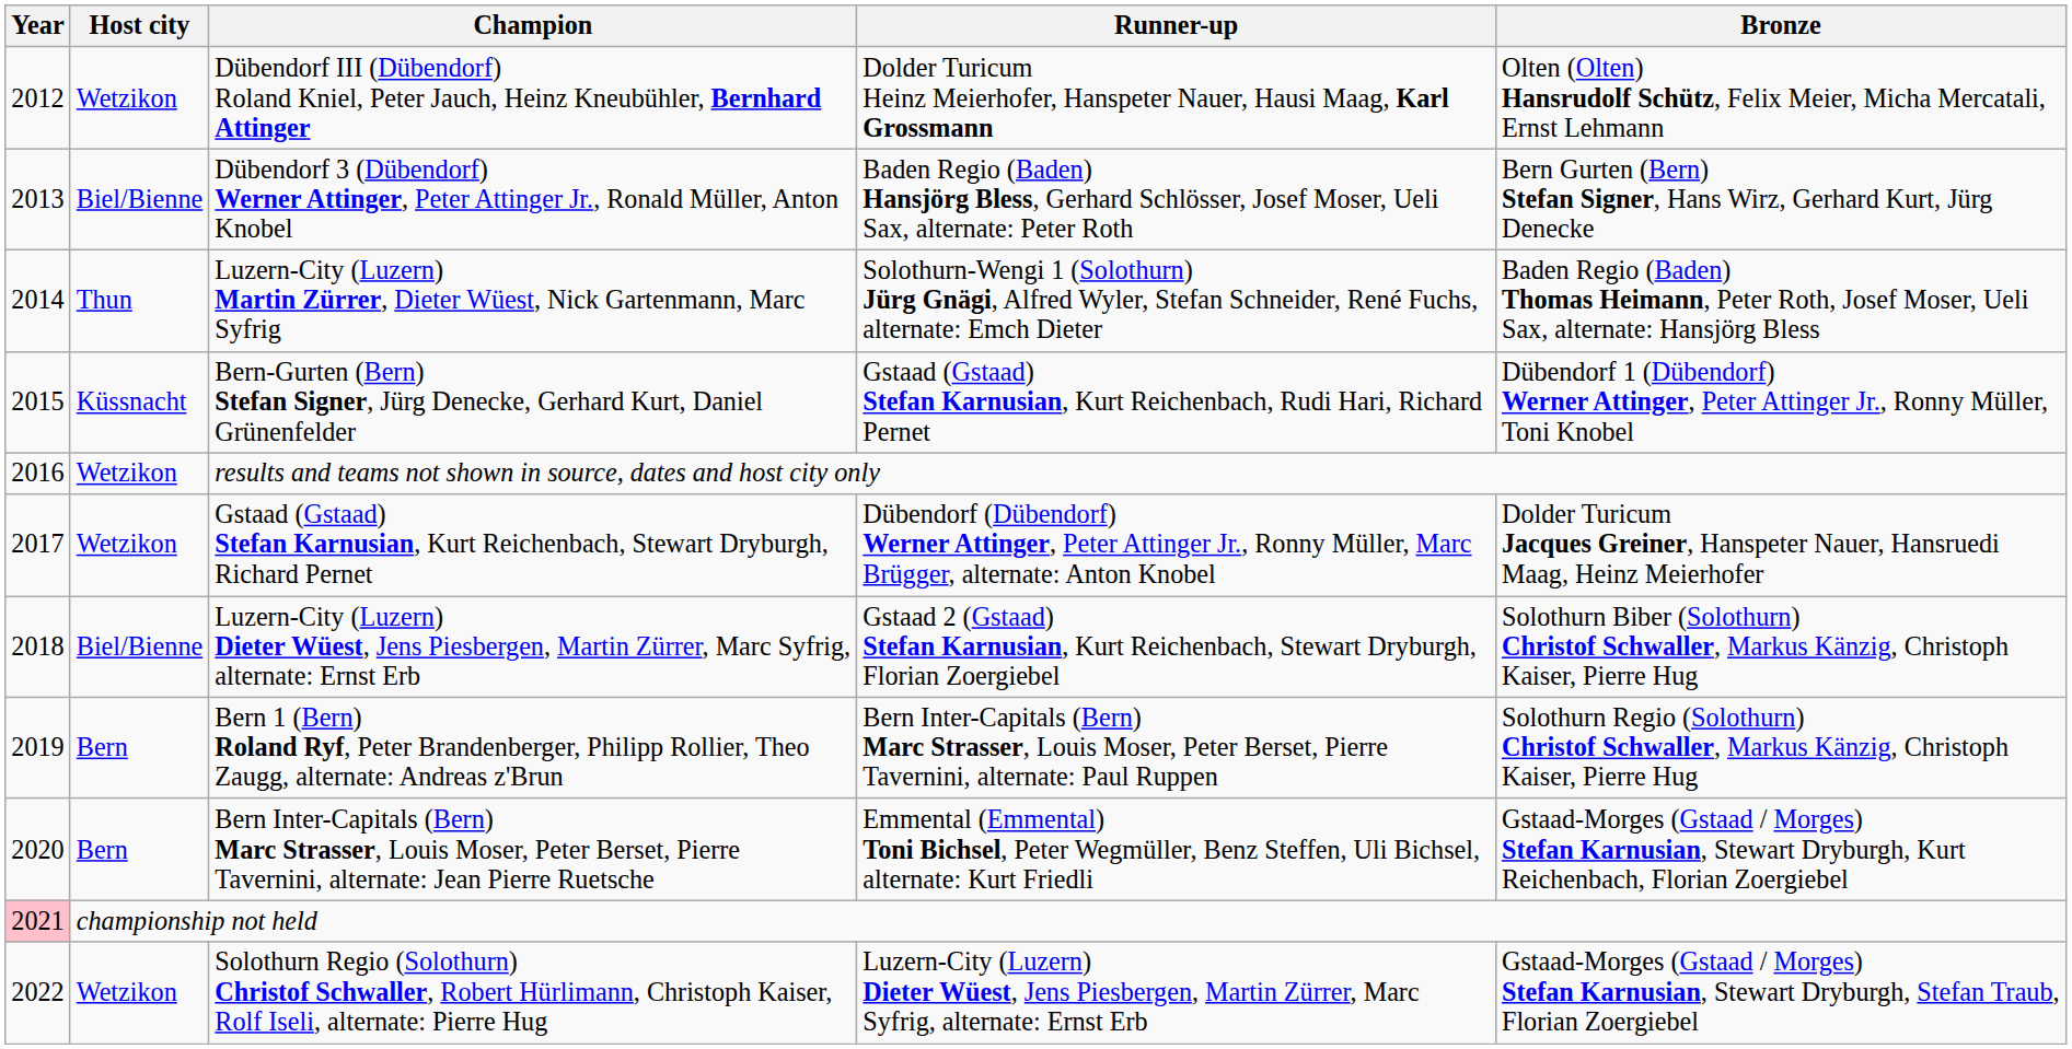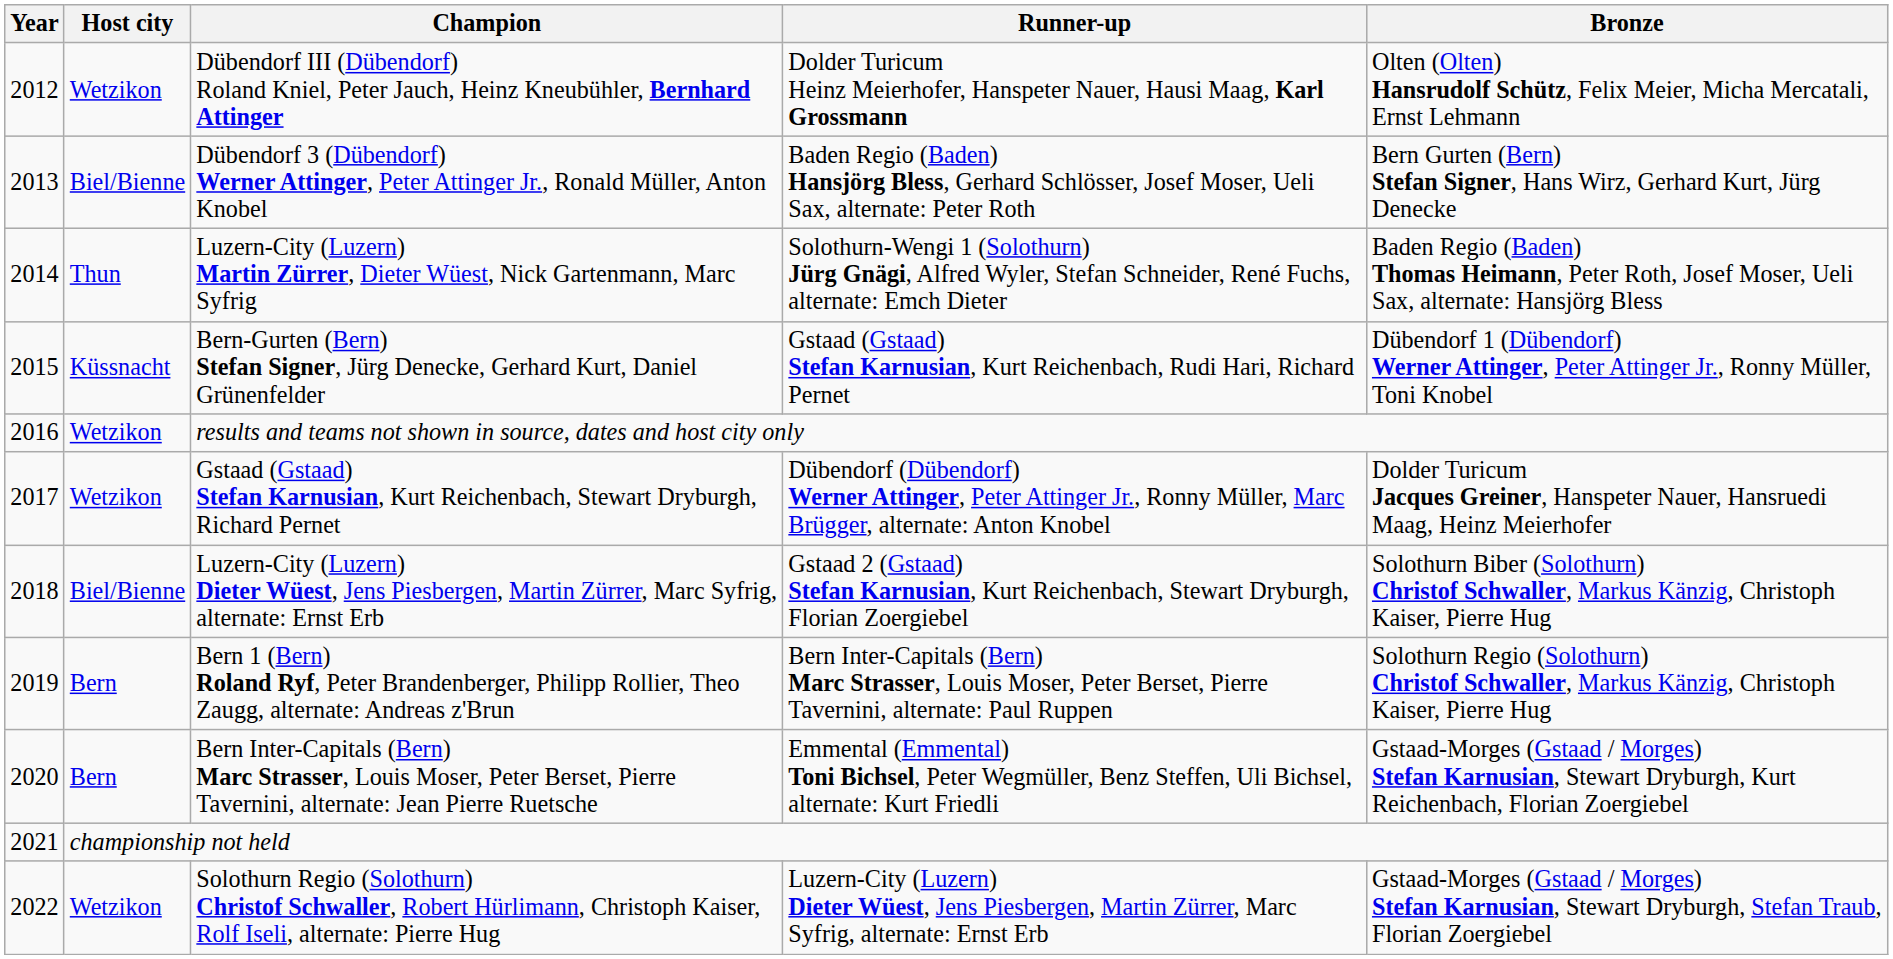 <table class="wikitable">
 <tr>
 <th scope="col">Year</th>
 <th scope="col">Host city</th>
 <th scope="col">Champion</th>
 <th scope="col">Runner-up</th>
 <th scope="col">Bronze<br></th>
 </tr>
 <tr>
 <td align=center>2012</td>
 <td><a href='#'>Wetzikon</a></td>
 <td>Dübendorf III (<a href='#'>Dübendorf</a>)<br>Roland Kniel, Peter Jauch, Heinz Kneubühler, <strong><a href='#'>Bernhard Attinger</a></strong></td>
 <td>Dolder Turicum<br>Heinz Meierhofer, Hanspeter Nauer, Hausi Maag, <strong>Karl Grossmann</strong></td>
 <td>Olten (<a href='#'>Olten</a>)<br><strong>Hansrudolf Schütz</strong>, Felix Meier, Micha Mercatali, Ernst Lehmann</td>
 </tr>
 <tr>
 <td align=center>2013</td>
 <td><a href='#'>Biel/Bienne</a></td>
 <td>Dübendorf 3 (<a href='#'>Dübendorf</a>)<br><strong><a href='#'>Werner Attinger</a></strong>, <a href='#'>Peter Attinger Jr.</a>, Ronald Müller, Anton Knobel</td>
 <td>Baden Regio (<a href='#'>Baden</a>)<br><strong>Hansjörg Bless</strong>, Gerhard Schlösser, Josef Moser, Ueli Sax, alternate: Peter Roth</td>
 <td>Bern Gurten (<a href='#'>Bern</a>)<br><strong>Stefan Signer</strong>, Hans Wirz, Gerhard Kurt, Jürg Denecke</td>
 </tr>
 <tr>
 <td align=center>2014</td>
 <td><a href='#'>Thun</a></td>
 <td>Luzern-City (<a href='#'>Luzern</a>)<br><strong><a href='#'>Martin Zürrer</a></strong>, <a href='#'>Dieter Wüest</a>, Nick Gartenmann, Marc Syfrig</td>
 <td>Solothurn-Wengi 1 (<a href='#'>Solothurn</a>)<br><strong>Jürg Gnägi</strong>, Alfred Wyler, Stefan Schneider, René Fuchs, alternate: Emch Dieter</td>
 <td>Baden Regio (<a href='#'>Baden</a>)<br><strong>Thomas Heimann</strong>, Peter Roth, Josef Moser, Ueli Sax, alternate: Hansjörg Bless</td>
 </tr>
 <tr>
 <td align=center>2015</td>
 <td><a href='#'>Küssnacht</a></td>
 <td>Bern-Gurten (<a href='#'>Bern</a>)<br><strong>Stefan Signer</strong>, Jürg Denecke, Gerhard Kurt, Daniel Grünenfelder</td>
 <td>Gstaad (<a href='#'>Gstaad</a>)<br><strong><a href='#'>Stefan Karnusian</a></strong>, Kurt Reichenbach, Rudi Hari, Richard Pernet</td>
 <td>Dübendorf 1 (<a href='#'>Dübendorf</a>)<br><strong><a href='#'>Werner Attinger</a></strong>, <a href='#'>Peter Attinger Jr.</a>, Ronny Müller, Toni Knobel</td>
 </tr>
 <tr>
 <td align=center>2016</td>
 <td><a href='#'>Wetzikon</a></td>
 <td colspan=3><em>results and teams not shown in source, dates and host city only</em></td>
 </tr>
 <tr>
 <td align=center>2017</td>
 <td><a href='#'>Wetzikon</a></td>
 <td>Gstaad (<a href='#'>Gstaad</a>)<br><strong><a href='#'>Stefan Karnusian</a></strong>, Kurt Reichenbach, Stewart Dryburgh, Richard Pernet</td>
 <td>Dübendorf (<a href='#'>Dübendorf</a>)<br><strong><a href='#'>Werner Attinger</a></strong>, <a href='#'>Peter Attinger Jr.</a>, Ronny Müller, <a href='#'>Marc Brügger</a>, alternate: Anton Knobel</td>
 <td>Dolder Turicum<br><strong>Jacques Greiner</strong>, Hanspeter Nauer, Hansruedi Maag, Heinz Meierhofer</td>
 </tr>
 <tr>
 <td align=center>2018</td>
 <td><a href='#'>Biel/Bienne</a></td>
 <td>Luzern-City (<a href='#'>Luzern</a>)<br><strong><a href='#'>Dieter Wüest</a></strong>, <a href='#'>Jens Piesbergen</a>, <a href='#'>Martin Zürrer</a>, Marc Syfrig, alternate: Ernst Erb</td>
 <td>Gstaad 2 (<a href='#'>Gstaad</a>)<br><strong><a href='#'>Stefan Karnusian</a></strong>, Kurt Reichenbach, Stewart Dryburgh, Florian Zoergiebel</td>
 <td>Solothurn Biber (<a href='#'>Solothurn</a>)<br><strong><a href='#'>Christof Schwaller</a></strong>, <a href='#'>Markus Känzig</a>, Christoph Kaiser, Pierre Hug</td>
 </tr>
 <tr>
 <td align=center>2019</td>
 <td><a href='#'>Bern</a></td>
 <td>Bern 1 (<a href='#'>Bern</a>)<br><strong>Roland Ryf</strong>, Peter Brandenberger, Philipp Rollier, Theo Zaugg, alternate: Andreas z'Brun</td>
 <td>Bern Inter-Capitals (<a href='#'>Bern</a>)<br><strong>Marc Strasser</strong>, Louis Moser, Peter Berset, Pierre Tavernini, alternate: Paul Ruppen</td>
 <td>Solothurn Regio (<a href='#'>Solothurn</a>)<br><strong><a href='#'>Christof Schwaller</a></strong>, <a href='#'>Markus Känzig</a>, Christoph Kaiser, Pierre Hug</td>
 </tr>
 <tr>
 <td align=center>2020</td>
 <td><a href='#'>Bern</a></td>
 <td>Bern Inter-Capitals (<a href='#'>Bern</a>)<br><strong>Marc Strasser</strong>, Louis Moser, Peter Berset, Pierre Tavernini, alternate: Jean Pierre Ruetsche</td>
 <td>Emmental (<a href='#'>Emmental</a>)<br><strong>Toni Bichsel</strong>, Peter Wegmüller, Benz Steffen, Uli Bichsel, alternate: Kurt Friedli</td>
 <td>Gstaad-Morges (<a href='#'>Gstaad</a> / <a href='#'>Morges</a>)<br><strong><a href='#'>Stefan Karnusian</a></strong>, Stewart Dryburgh, Kurt Reichenbach, Florian Zoergiebel</td>
 </tr>
 <tr>
-<td align=center style="background: pink;">2021</td>
+<td align=center>2021</td>
 <td colspan=4><em>championship not held</em></td>
 </tr>
 <tr>
 <td align=center>2022</td>
 <td><a href='#'>Wetzikon</a></td>
 <td>Solothurn Regio (<a href='#'>Solothurn</a>)<br><strong><a href='#'>Christof Schwaller</a></strong>, <a href='#'>Robert Hürlimann</a>, Christoph Kaiser, <a href='#'>Rolf Iseli</a>, alternate: Pierre Hug</td>
 <td>Luzern-City (<a href='#'>Luzern</a>)<br><strong><a href='#'>Dieter Wüest</a></strong>, <a href='#'>Jens Piesbergen</a>, <a href='#'>Martin Zürrer</a>, Marc Syfrig, alternate: Ernst Erb</td>
 <td>Gstaad-Morges (<a href='#'>Gstaad</a> / <a href='#'>Morges</a>)<br><strong><a href='#'>Stefan Karnusian</a></strong>, Stewart Dryburgh, <a href='#'>Stefan Traub</a>, Florian Zoergiebel</td>
 </tr>
 </table>
